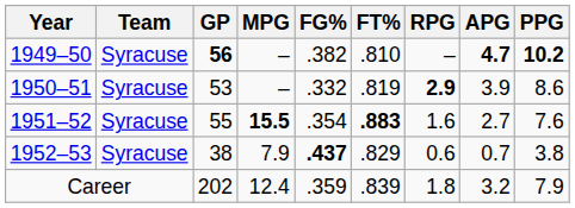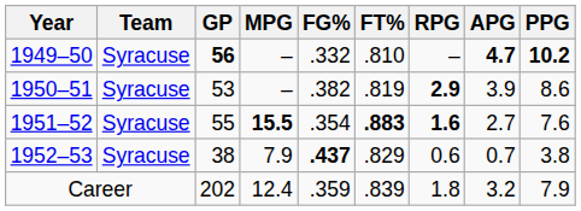 <table class="wikitable sortable" style="font-size:95%; text-align:right;">
 <tr>
 <th>Year</th>
 <th>Team</th>
 <th>GP</th>
 <th>MPG</th>
 <th>FG%</th>
 <th>FT%</th>
 <th>RPG</th>
 <th>APG</th>
 <th>PPG</th>
 </tr>
 <tr>
 <td style="text-align:left;"><a href='#'>1949–50</a></td>
 <td style="text-align:left;"><a href='#'>Syracuse</a></td>
 <td><strong>56</strong></td>
 <td>–</td>
-<td>.382</td>
+<td>.332</td>
 <td>.810</td>
 <td>–</td>
 <td><strong>4.7</strong></td>
 <td><strong>10.2</strong></td>
 </tr>
 <tr>
 <td style="text-align:left;"><a href='#'>1950–51</a></td>
 <td style="text-align:left;"><a href='#'>Syracuse</a></td>
 <td>53</td>
 <td>–</td>
-<td>.332</td>
+<td>.382</td>
 <td>.819</td>
 <td><strong>2.9</strong></td>
 <td>3.9</td>
 <td>8.6</td>
 </tr>
 <tr>
 <td style="text-align:left;"><a href='#'>1951–52</a></td>
 <td style="text-align:left;"><a href='#'>Syracuse</a></td>
 <td>55</td>
 <td><strong>15.5</strong></td>
 <td>.354</td>
 <td><strong>.883</strong></td>
-<td>1.6</td>
+<td><strong>1.6</strong></td>
 <td>2.7</td>
 <td>7.6</td>
 </tr>
 <tr>
 <td style="text-align:left;"><a href='#'>1952–53</a></td>
 <td style="text-align:left;"><a href='#'>Syracuse</a></td>
 <td>38</td>
 <td>7.9</td>
 <td><strong>.437</strong></td>
 <td>.829</td>
 <td>0.6</td>
 <td>0.7</td>
 <td>3.8</td>
 </tr>
 <tr class="sortbottom">
 <td colspan="2" style="text-align:center;">Career</td>
 <td>202</td>
 <td>12.4</td>
 <td>.359</td>
 <td>.839</td>
 <td>1.8</td>
 <td>3.2</td>
 <td>7.9</td>
 </tr>
 </table>
